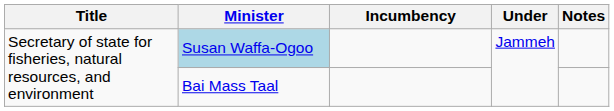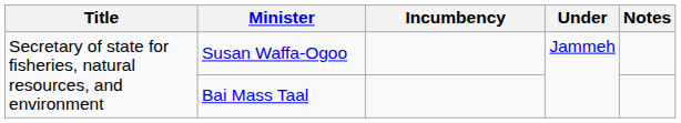 <table class="wikitable" style="width:100%;">
 <tr>
 <th>Title</th>
 <th style="width:25%;"><a href='#'>Minister</a></th>
 <th style="width:160px;">Incumbency</th>
 <th style="width:10%;">Under</th>
 <th style="width:7%;">Notes</th>
 </tr>
 <tr>
 <td rowspan="2" style="vertical-align:top;">Secretary of state for fisheries, natural resources, and environment</td>
-<td style="background: lightblue;"><a href='#'>Susan Waffa-Ogoo</a></td>
+<td><a href='#'>Susan Waffa-Ogoo</a></td>
 <td></td>
 <td rowspan="2" style="vertical-align:top;"><a href='#'>Jammeh</a></td>
 <td></td>
 </tr>
 <tr>
 <td><a href='#'>Bai Mass Taal</a></td>
 <td></td>
 <td></td>
 </tr>
 </table>
